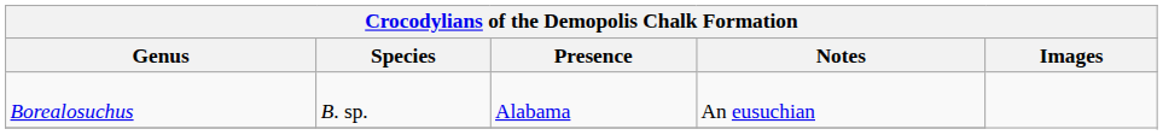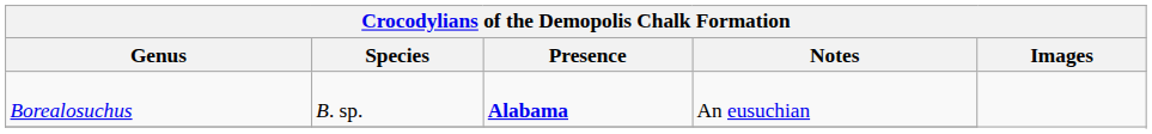 <table class="wikitable" align="center" width="100%">
 <tr>
 <th colspan="5" align="center"><strong><a href='#'>Crocodylians</a> of the Demopolis Chalk Formation</strong></th>
 </tr>
 <tr>
 <th>Genus</th>
 <th>Species</th>
 <th>Presence</th>
 <th>Notes</th>
 <th>Images</th>
 </tr>
 <tr>
 <td><br><em><a href='#'>Borealosuchus</a></em></td>
 <td><br><em>B</em>. sp.</td>
-<td><br><a href='#'>Alabama</a></td>
+<td><strong><br><a href='#'>Alabama</a></strong></td>
 <td><br>An <a href='#'>eusuchian</a></td>
 <td rowspan="99"><br></td>
 </tr>
 <tr>
 </tr>
 </table>
